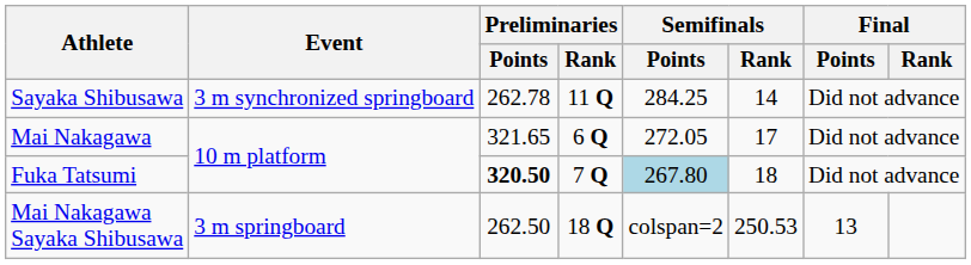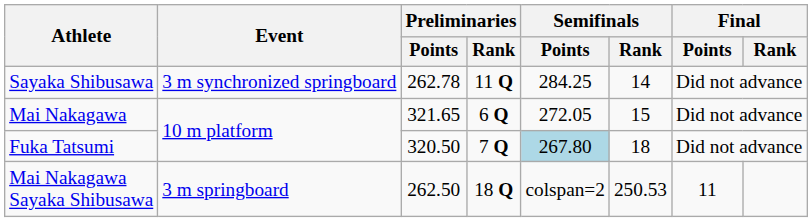 <table class=wikitable style="font-size:90%">
 <tr>
 <th rowspan="2">Athlete</th>
 <th rowspan="2">Event</th>
 <th colspan="2">Preliminaries</th>
 <th colspan="2">Semifinals</th>
 <th colspan="2">Final</th>
 </tr>
 <tr style="font-size:95%">
 <th>Points</th>
 <th>Rank</th>
 <th>Points</th>
 <th>Rank</th>
 <th>Points</th>
 <th>Rank</th>
 </tr>
 <tr align=center>
 <td align=left><a href='#'>Sayaka Shibusawa</a></td>
 <td align=left><a href='#'>3 m synchronized springboard</a></td>
 <td>262.78</td>
 <td>11 <strong>Q</strong></td>
 <td>284.25</td>
 <td>14</td>
 <td colspan=2>Did not advance</td>
 </tr>
 <tr align=center>
 <td align=left><a href='#'>Mai Nakagawa</a></td>
 <td align=left rowspan=2><a href='#'>10 m platform</a></td>
 <td>321.65</td>
 <td>6 <strong>Q</strong></td>
 <td>272.05</td>
-<td>17</td>
+<td>15</td>
 <td colspan=2>Did not advance</td>
 </tr>
 <tr align=center>
 <td align=left><a href='#'>Fuka Tatsumi</a></td>
-<td><strong>320.50</strong></td>
+<td>320.50</td>
 <td>7 <strong>Q</strong></td>
 <td style="background: lightblue;">267.80</td>
 <td>18</td>
 <td colspan=2>Did not advance</td>
 </tr>
 <tr align=center>
 <td align=left><a href='#'>Mai Nakagawa</a><br><a href='#'>Sayaka Shibusawa</a></td>
 <td align=left><a href='#'>3 m springboard</a></td>
 <td>262.50</td>
 <td>18 <strong>Q</strong></td>
 <td>colspan=2 </td>
 <td>250.53</td>
-<td>13</td>
+<td>11</td>
 </tr>
 </table>
